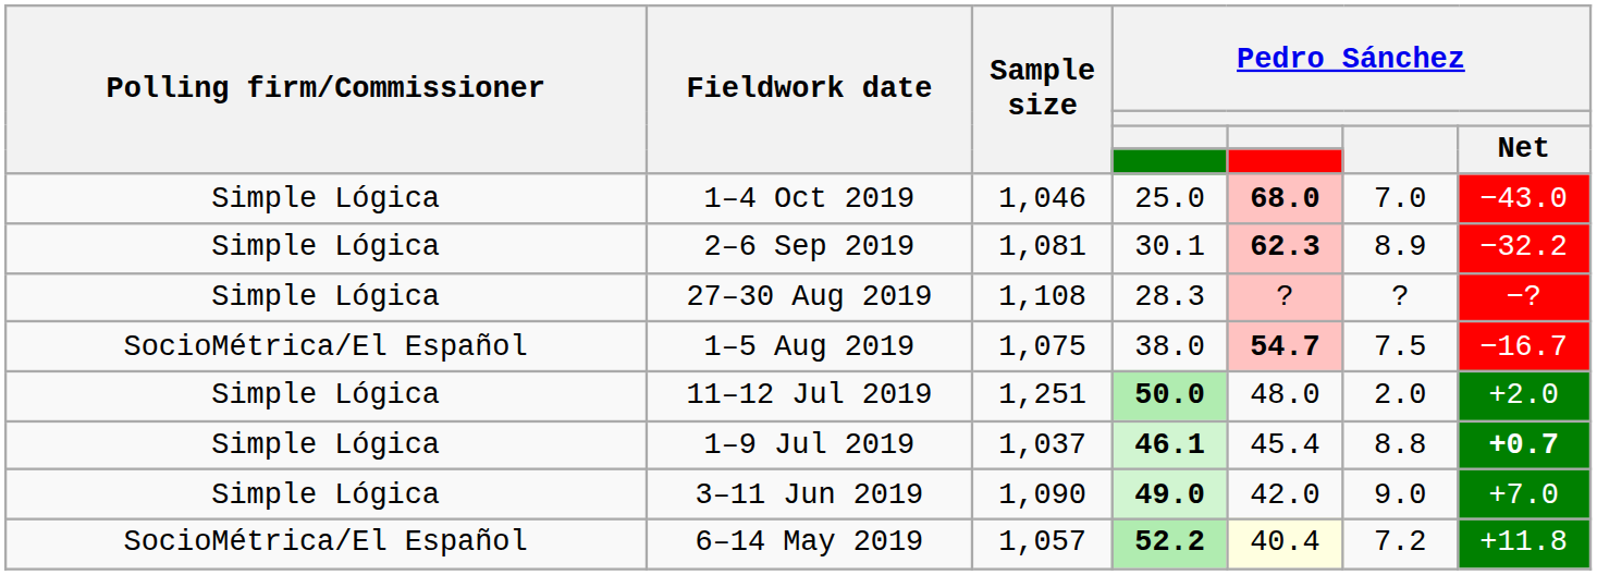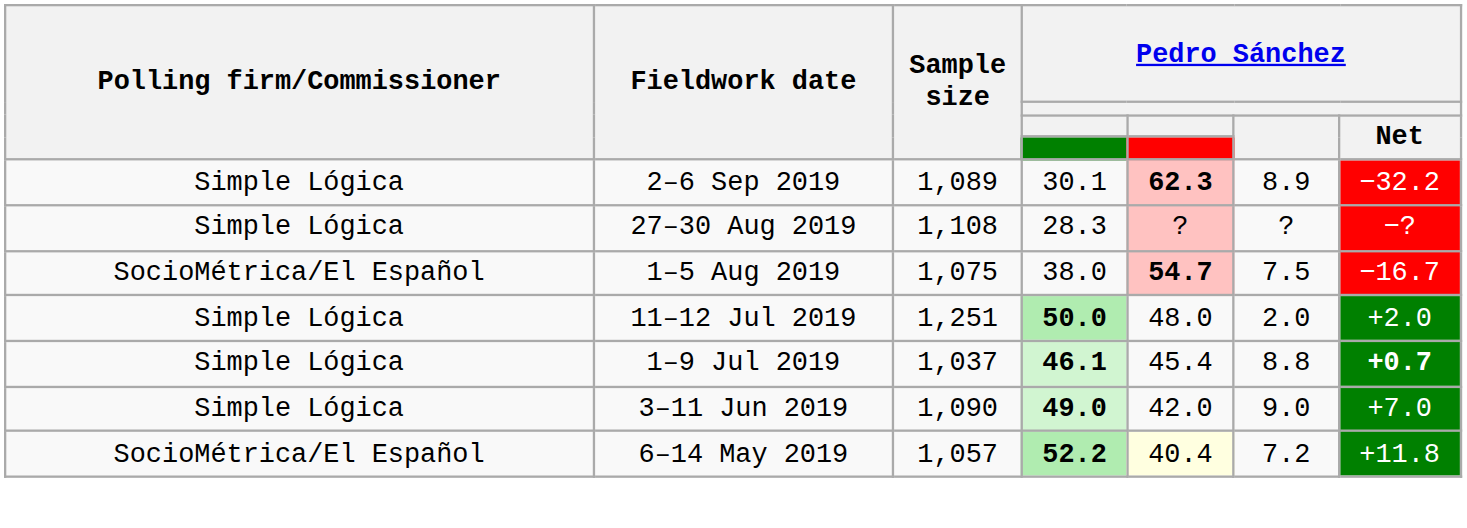 <table class="wikitable collapsible collapsed" style="text-align:center; font-size:90%; line-height:14px;">
 <tr style="height:42px;">
 <th style="width:250px;" rowspan="4">Polling firm/Commissioner</th>
 <th style="width:125px;" rowspan="4">Fieldwork date</th>
 <th style="width:50px;" rowspan="4">Sample size</th>
 <th style="width:185px;" colspan="4"><a href='#'>Pedro Sánchez</a><br></th>
 </tr>
 <tr>
 <th colspan="4" style="background:"></th>
 </tr>
 <tr>
 <th style="width:30px;"></th>
 <th style="width:30px;"></th>
 <th style="width:30px;" rowspan="2"></th>
 <th style="width:30px;" rowspan="2">Net</th>
 </tr>
 <tr>
 <th style="color:inherit;background:#008000;"></th>
 <th style="color:inherit;background:#FF0000;"></th>
 </tr>
 <tr>
 <td>Simple Lógica</td>
-<td>1–4 Oct 2019</td>
-<td>1,046</td>
-<td>25.0</td>
-<td style="background:#FFC2C1;"><strong>68.0</strong></td>
-<td>7.0</td>
-<td style="background:#FF0000; color:white;">−43.0</td>
-</tr>
-<tr>
-<td>Simple Lógica</td>
 <td>2–6 Sep 2019</td>
-<td>1,081</td>
+<td>1,089</td>
 <td>30.1</td>
 <td style="background:#FFC2C1;"><strong>62.3</strong></td>
 <td>8.9</td>
 <td style="background:#FF0000; color:white;">−32.2</td>
 </tr>
 <tr>
 <td>Simple Lógica</td>
 <td>27–30 Aug 2019</td>
 <td>1,108</td>
 <td>28.3</td>
 <td style="background:#FFC2C1;">?</td>
 <td>?</td>
 <td style="background:#FF0000; color:white;">−?</td>
 </tr>
 <tr>
 <td>SocioMétrica/El Español</td>
 <td>1–5 Aug 2019</td>
 <td>1,075</td>
 <td>38.0</td>
 <td style="background:#FFC2C1;"><strong>54.7</strong></td>
 <td>7.5</td>
 <td style="background:#FF0000; color:white;">−16.7</td>
 </tr>
 <tr>
 <td>Simple Lógica</td>
 <td>11–12 Jul 2019</td>
 <td>1,251</td>
 <td style="background:#B0ECB0;"><strong>50.0</strong></td>
 <td>48.0</td>
 <td>2.0</td>
 <td style="background:#008000; color:white;">+2.0</td>
 </tr>
 <tr>
 <td>Simple Lógica</td>
 <td>1–9 Jul 2019</td>
 <td>1,037</td>
 <td style="background:#D1F5D1;"><strong>46.1</strong></td>
 <td>45.4</td>
 <td>8.8</td>
 <td style="background:#008000; color:white;"><strong>+0.7</strong></td>
 </tr>
 <tr>
 <td>Simple Lógica</td>
 <td>3–11 Jun 2019</td>
 <td>1,090</td>
 <td style="background:#D1F5D1;"><strong>49.0</strong></td>
 <td>42.0</td>
 <td>9.0</td>
 <td style="background:#008000; color:white;">+7.0</td>
 </tr>
 <tr>
 <td>SocioMétrica/El Español</td>
 <td>6–14 May 2019</td>
 <td>1,057</td>
 <td style="background:#B0ECB0;"><strong>52.2</strong></td>
 <td style="background: lightyellow;">40.4</td>
 <td>7.2</td>
 <td style="background:#008000; color:white;">+11.8</td>
 </tr>
 </table>
